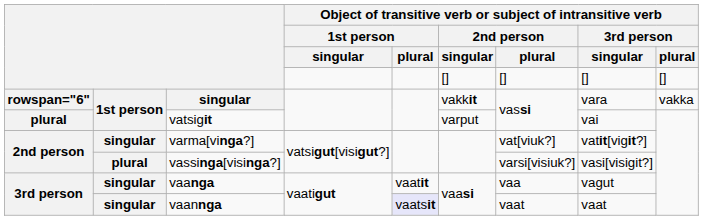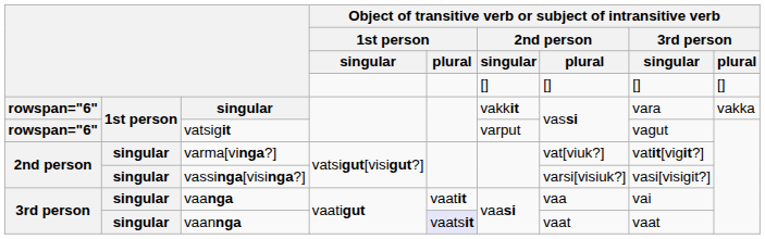 <table class="wikitable">
 <tr>
 <th rowspan="4" colspan="3"></th>
 <th colspan="6">Object of transitive verb or subject of intransitive verb</th>
 </tr>
 <tr>
 <th colspan="2">1st person</th>
 <th colspan="2">2nd person</th>
 <th colspan="2">3rd person</th>
 </tr>
 <tr>
 <th>singular</th>
 <th>plural</th>
 <th>singular</th>
 <th>plural</th>
 <th>singular</th>
 <th>plural</th>
 </tr>
 <tr>
 <td></td>
 <td></td>
 <td>[]</td>
 <td>[]</td>
 <td>[]</td>
 <td>[]</td>
 </tr>
 <tr>
 <th>rowspan="6" </th>
 <th rowspan="2">1st person</th>
 <th>singular</th>
 <td rowspan="2"></td>
 <td rowspan="2"></td>
 <td>vakk<strong>it</strong></td>
 <td rowspan="2">vas<strong>si</strong></td>
 <td>vara</td>
 <td>vakka</td>
 </tr>
 <tr>
-<th>plural</th>
+<th>rowspan="6" </th>
 <td>vatsig<strong>it</strong></td>
 <td>varput</td>
-<td>vai</td>
+<td>vagut</td>
 </tr>
 <tr>
 <th rowspan="2">2nd person</th>
 <th>singular</th>
 <td>varma[vi<strong>nga</strong>?]</td>
 <td rowspan="2">vatsi<strong>gut</strong>[visi<strong>gut</strong>?]</td>
 <td rowspan="2"></td>
 <td rowspan="2"></td>
 <td>vat[viuk?]</td>
 <td>vat<strong>it</strong>[vig<strong>it</strong>?]</td>
 </tr>
 <tr>
-<th>plural</th>
+<th>singular</th>
 <td>vassi<strong>nga</strong>[visi<strong>nga</strong>?]</td>
 <td>varsi[visiuk?]</td>
 <td>vasi[visigit?]</td>
 </tr>
 <tr>
 <th rowspan="2">3rd person</th>
 <th>singular</th>
 <td>vaa<strong>nga</strong></td>
 <td rowspan="2">vaati<strong>gut</strong></td>
 <td>vaat<strong>it</strong></td>
 <td rowspan="2">vaa<strong>si</strong></td>
 <td>vaa</td>
-<td>vagut</td>
+<td>vai</td>
 </tr>
 <tr>
 <th>singular</th>
 <td>vaan<strong>nga</strong></td>
 <td style="background: lavender;">vaats<strong>it</strong></td>
 <td>vaat</td>
 <td>vaat</td>
 </tr>
 </table>
